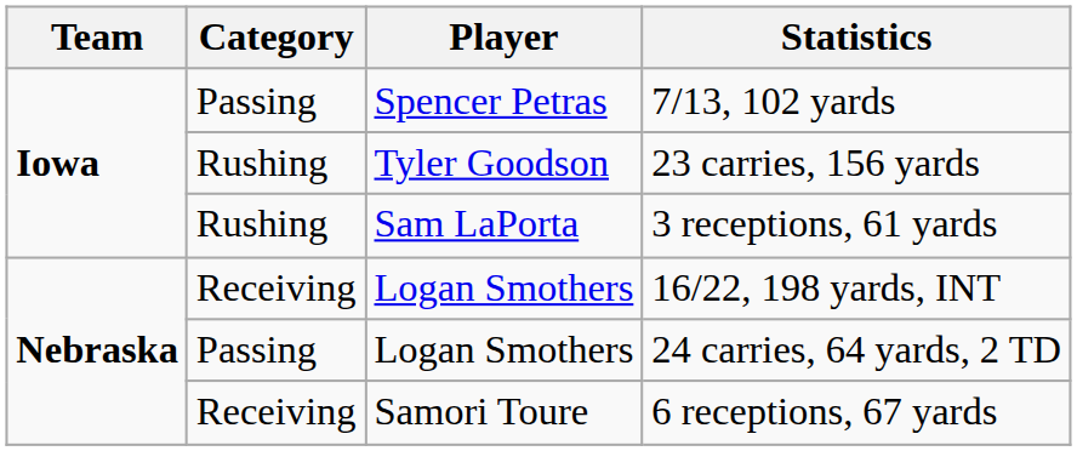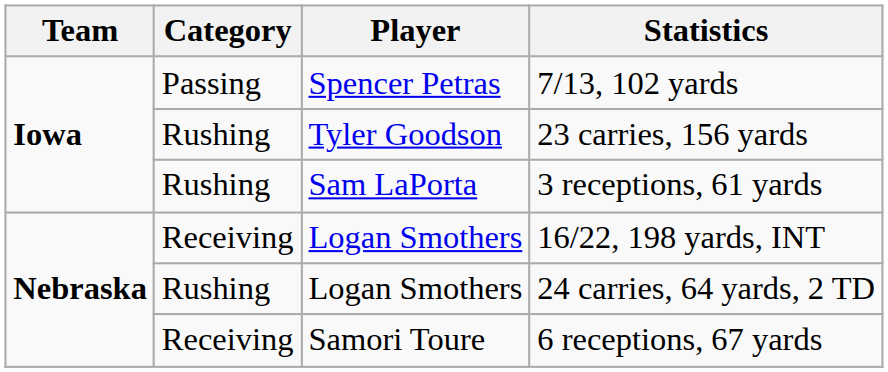 <table class="wikitable" style="float: right;">
 <tr>
 <th>Team</th>
 <th>Category</th>
 <th>Player</th>
 <th>Statistics</th>
 </tr>
 <tr>
 <td rowspan=3><strong>Iowa</strong></td>
 <td>Passing</td>
 <td><a href='#'>Spencer Petras</a></td>
 <td>7/13, 102 yards</td>
 </tr>
 <tr>
 <td>Rushing</td>
 <td><a href='#'>Tyler Goodson</a></td>
 <td>23 carries, 156 yards</td>
 </tr>
 <tr>
 <td>Rushing</td>
 <td><a href='#'>Sam LaPorta</a></td>
 <td>3 receptions, 61 yards</td>
 </tr>
 <tr>
 <td rowspan=3><strong>Nebraska</strong></td>
 <td>Receiving</td>
 <td><a href='#'>Logan Smothers</a></td>
 <td>16/22, 198 yards, INT</td>
 </tr>
 <tr>
-<td>Passing</td>
+<td>Rushing</td>
 <td>Logan Smothers</td>
 <td>24 carries, 64 yards, 2 TD</td>
 </tr>
 <tr>
 <td>Receiving</td>
 <td>Samori Toure</td>
 <td>6 receptions, 67 yards</td>
 </tr>
 </table>
